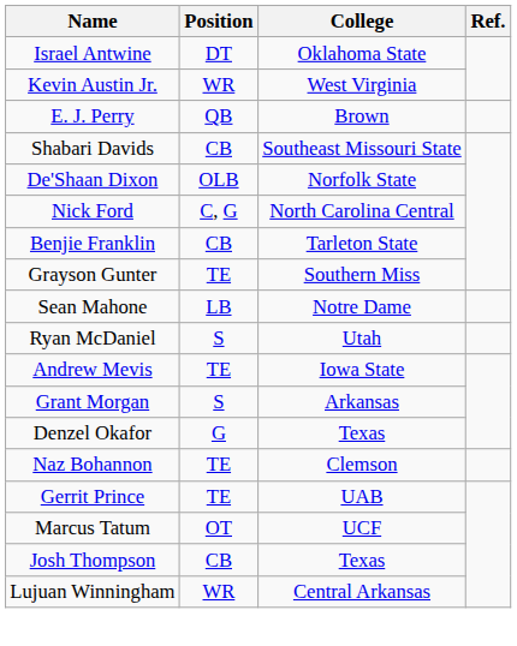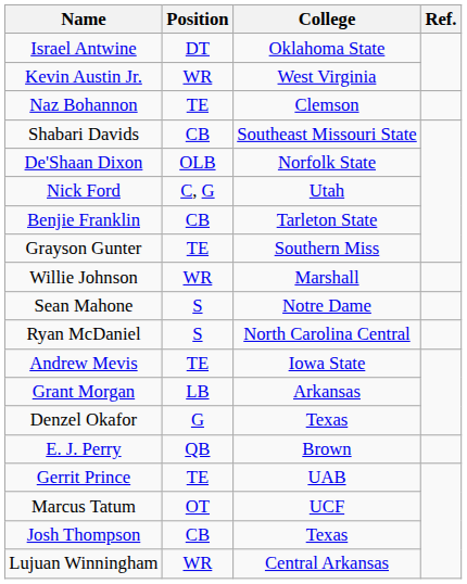 <table class="wikitable" style="text-align:center">
 <tr>
 <th>Name</th>
 <th>Position</th>
 <th>College</th>
 <th>Ref.</th>
 </tr>
 <tr>
 <td><a href='#'>Israel Antwine</a></td>
 <td><a href='#'>DT</a></td>
 <td><a href='#'>Oklahoma State</a></td>
 <td rowspan = 2></td>
 </tr>
 <tr>
 <td><a href='#'>Kevin Austin Jr.</a></td>
 <td><a href='#'>WR</a></td>
 <td><a href='#'>West Virginia</a></td>
 </tr>
 <tr>
-<td><a href='#'>E. J. Perry</a></td>
-<td><a href='#'>QB</a></td>
-<td><a href='#'>Brown</a></td>
+<td><a href='#'>Naz Bohannon</a></td>
+<td><a href='#'>TE</a></td>
+<td><a href='#'>Clemson</a></td>
 <td></td>
 </tr>
 <tr>
 <td>Shabari Davids</td>
 <td><a href='#'>CB</a></td>
 <td><a href='#'>Southeast Missouri State</a></td>
 <td rowspan = 5></td>
 </tr>
 <tr>
 <td><a href='#'>De'Shaan Dixon</a></td>
 <td><a href='#'>OLB</a></td>
 <td><a href='#'>Norfolk State</a></td>
 </tr>
 <tr>
 <td><a href='#'>Nick Ford</a></td>
 <td><a href='#'>C</a>, <a href='#'>G</a></td>
-<td><a href='#'>North Carolina Central</a></td>
+<td><a href='#'>Utah</a></td>
 </tr>
 <tr>
 <td><a href='#'>Benjie Franklin</a></td>
 <td><a href='#'>CB</a></td>
 <td><a href='#'>Tarleton State</a></td>
 </tr>
 <tr>
 <td>Grayson Gunter</td>
 <td><a href='#'>TE</a></td>
 <td><a href='#'>Southern Miss</a></td>
 </tr>
 <tr>
+<td>Willie Johnson</td>
+<td><a href='#'>WR</a></td>
+<td><a href='#'>Marshall</a></td>
+<td></td>
+</tr>
+<tr>
 <td>Sean Mahone</td>
-<td><a href='#'>LB</a></td>
+<td><a href='#'>S</a></td>
 <td><a href='#'>Notre Dame</a></td>
 <td></td>
 </tr>
 <tr>
 <td>Ryan McDaniel</td>
 <td><a href='#'>S</a></td>
-<td><a href='#'>Utah</a></td>
+<td><a href='#'>North Carolina Central</a></td>
 <td></td>
 </tr>
 <tr>
 <td><a href='#'>Andrew Mevis</a></td>
 <td><a href='#'>TE</a></td>
 <td><a href='#'>Iowa State</a></td>
 <td rowspan = 3></td>
 </tr>
 <tr>
 <td><a href='#'>Grant Morgan</a></td>
-<td><a href='#'>S</a></td>
+<td><a href='#'>LB</a></td>
 <td><a href='#'>Arkansas</a></td>
 </tr>
 <tr>
 <td>Denzel Okafor</td>
 <td><a href='#'>G</a></td>
 <td><a href='#'>Texas</a></td>
 </tr>
 <tr>
-<td><a href='#'>Naz Bohannon</a></td>
-<td><a href='#'>TE</a></td>
-<td><a href='#'>Clemson</a></td>
+<td><a href='#'>E. J. Perry</a></td>
+<td><a href='#'>QB</a></td>
+<td><a href='#'>Brown</a></td>
 <td></td>
 </tr>
 <tr>
 <td><a href='#'>Gerrit Prince</a></td>
 <td><a href='#'>TE</a></td>
 <td><a href='#'>UAB</a></td>
 <td rowspan = 4></td>
 </tr>
 <tr>
 <td>Marcus Tatum</td>
 <td><a href='#'>OT</a></td>
 <td><a href='#'>UCF</a></td>
 </tr>
 <tr>
 <td><a href='#'>Josh Thompson</a></td>
 <td><a href='#'>CB</a></td>
 <td><a href='#'>Texas</a></td>
 </tr>
 <tr>
 <td>Lujuan Winningham</td>
 <td><a href='#'>WR</a></td>
 <td><a href='#'>Central Arkansas</a></td>
 </tr>
 </table>
